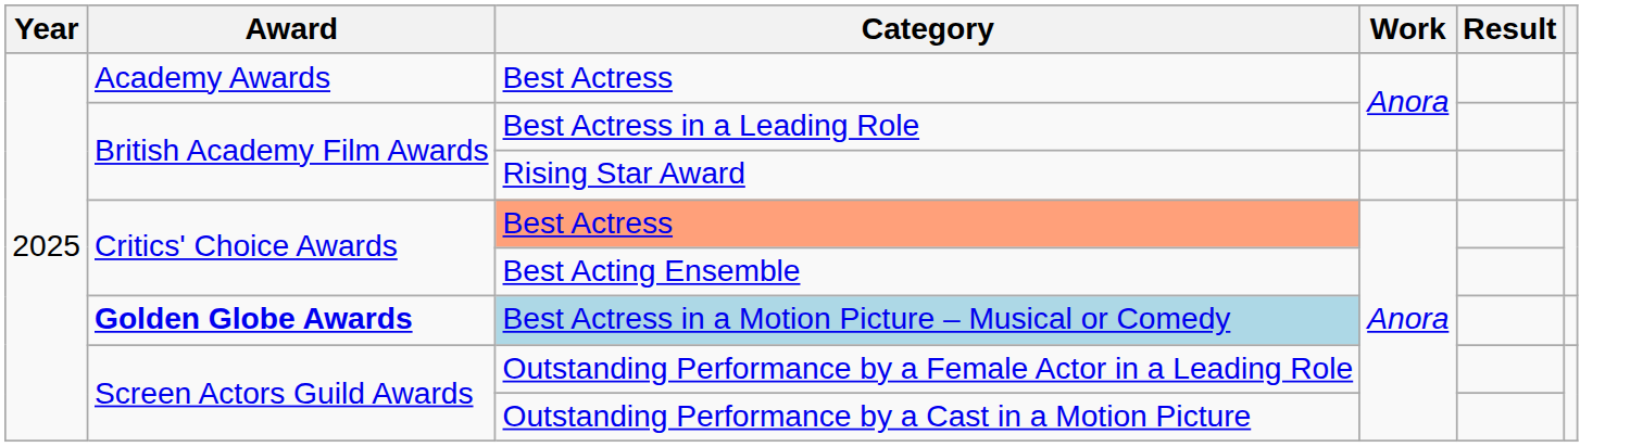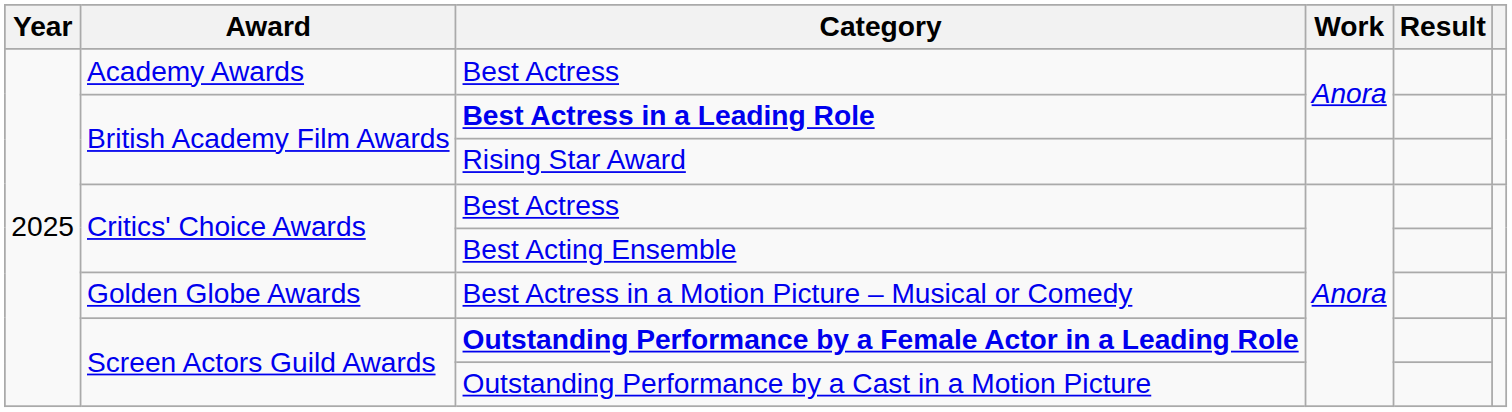 <table class="wikitable sortable">
 <tr>
 <th>Year</th>
 <th>Award</th>
 <th>Category</th>
 <th>Work</th>
 <th>Result</th>
 <th class="unsortable"></th>
 </tr>
 <tr>
 <td rowspan="8" align="center">2025</td>
 <td><a href='#'>Academy Awards</a></td>
 <td><a href='#'>Best Actress</a></td>
 <td rowspan="2"><em><a href='#'>Anora</a></em></td>
 <td></td>
 <td align="center"></td>
 </tr>
 <tr>
 <td rowspan="2"><a href='#'>British Academy Film Awards</a></td>
-<td><a href='#'>Best Actress in a Leading Role</a></td>
+<td><strong><a href='#'>Best Actress in a Leading Role</a></strong></td>
 <td></td>
 <td rowspan="2" style="text-align:center;"></td>
 </tr>
 <tr>
 <td><a href='#'>Rising Star Award</a></td>
 <td></td>
 <td></td>
 </tr>
 <tr>
 <td rowspan="2"><a href='#'>Critics' Choice Awards</a></td>
-<td style="background: lightsalmon;"><a href='#'>Best Actress</a></td>
+<td><a href='#'>Best Actress</a></td>
 <td rowspan="5"><em><a href='#'>Anora</a></em></td>
 <td></td>
 <td rowspan="2" style="text-align:center;"></td>
 </tr>
 <tr>
 <td><a href='#'>Best Acting Ensemble</a></td>
 <td></td>
 </tr>
 <tr>
-<td><strong><a href='#'>Golden Globe Awards</a></strong></td>
-<td style="background: lightblue;"><a href='#'>Best Actress in a Motion Picture – Musical or Comedy</a></td>
+<td><a href='#'>Golden Globe Awards</a></td>
+<td><a href='#'>Best Actress in a Motion Picture – Musical or Comedy</a></td>
 <td></td>
 <td align="center"></td>
 </tr>
 <tr>
 <td rowspan="2"><a href='#'>Screen Actors Guild Awards</a></td>
-<td><a href='#'>Outstanding Performance by a Female Actor in a Leading Role</a></td>
+<td><strong><a href='#'>Outstanding Performance by a Female Actor in a Leading Role</a></strong></td>
 <td></td>
 <td rowspan="2" style="text-align:center;"></td>
 </tr>
 <tr>
 <td><a href='#'>Outstanding Performance by a Cast in a Motion Picture</a></td>
 <td></td>
 </tr>
 </table>
